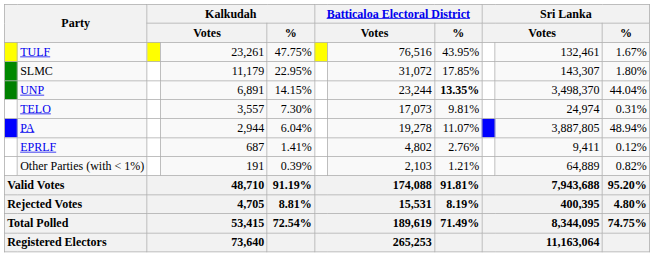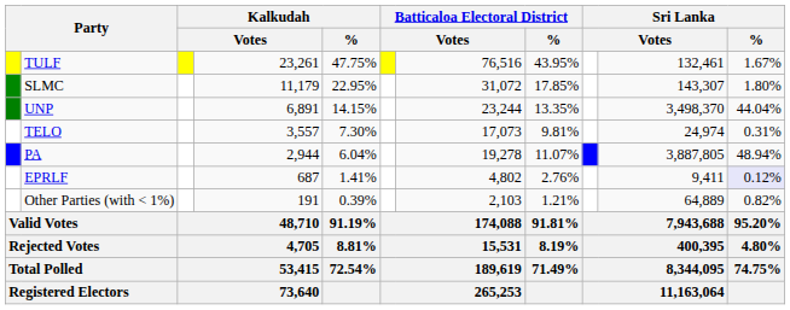 <table class="wikitable">
 <tr>
 <th colspan="2" width="144px"rowspan="2">Party</th>
 <th colspan="3" width="216px">Kalkudah</th>
 <th colspan="3" width="216px"><a href='#'>Batticaloa Electoral District</a></th>
 <th colspan="3" width="216px">Sri Lanka</th>
 </tr>
 <tr>
 <th colspan="2" width="144px">Votes</th>
 <th>%</th>
 <th colspan="2" width="144px">Votes</th>
 <th>%</th>
 <th colspan="2" width="144px">Votes</th>
 <th>%</th>
 </tr>
 <tr>
 <td style="background-color:yellow;" width="10px"></td>
 <td style="text-align:left;"><a href='#'>TULF</a></td>
 <td style="background-color:yellow;" width="10px"></td>
 <td style="text-align:right;">23,261</td>
 <td style="text-align:right;">47.75%</td>
 <td style="background-color:yellow;" width="10px"></td>
 <td style="text-align:right;">76,516</td>
 <td style="text-align:right;">43.95%</td>
 <td style="background-color:white;" width="10px"></td>
 <td style="text-align:right;">132,461</td>
 <td style="text-align:right;">1.67%</td>
 </tr>
 <tr>
 <td style="background-color:#008800;" width="10px"></td>
 <td style="text-align:left;">SLMC</td>
 <td style="background-color:white;" width="10px"></td>
 <td style="text-align:right;">11,179</td>
 <td style="text-align:right;">22.95%</td>
 <td style="background-color:white;" width="10px"></td>
 <td style="text-align:right;">31,072</td>
 <td style="text-align:right;">17.85%</td>
 <td style="background-color:white;" width="10px"></td>
 <td style="text-align:right;">143,307</td>
 <td style="text-align:right;">1.80%</td>
 </tr>
 <tr>
 <td style="background-color:green;" width="10px"></td>
 <td style="text-align:left;"><a href='#'>UNP</a></td>
 <td style="background-color:white;" width="10px"></td>
 <td style="text-align:right;">6,891</td>
 <td style="text-align:right;">14.15%</td>
 <td style="background-color:white;" width="10px"></td>
 <td style="text-align:right;">23,244</td>
-<td style="text-align:right;"><strong>13.35%</strong></td>
+<td style="text-align:right;">13.35%</td>
 <td style="background-color:white;" width="10px"></td>
 <td style="text-align:right;">3,498,370</td>
 <td style="text-align:right;">44.04%</td>
 </tr>
 <tr>
 <td style="background-color:white;" width="10px"></td>
 <td style="text-align:left;"><a href='#'>TELO</a></td>
 <td style="background-color:white;" width="10px"></td>
 <td style="text-align:right;">3,557</td>
 <td style="text-align:right;">7.30%</td>
 <td style="background-color:white;" width="10px"></td>
 <td style="text-align:right;">17,073</td>
 <td style="text-align:right;">9.81%</td>
 <td style="background-color:white;" width="10px"></td>
 <td style="text-align:right;">24,974</td>
 <td style="text-align:right;">0.31%</td>
 </tr>
 <tr>
 <td style="background-color:blue;" width="10px"></td>
 <td style="text-align:left;"><a href='#'>PA</a></td>
 <td style="background-color:white;" width="10px"></td>
 <td style="text-align:right;">2,944</td>
 <td style="text-align:right;">6.04%</td>
 <td style="background-color:white;" width="10px"></td>
 <td style="text-align:right;">19,278</td>
 <td style="text-align:right;">11.07%</td>
 <td style="background-color:blue;" width="10px"></td>
 <td style="text-align:right;">3,887,805</td>
 <td style="text-align:right;">48.94%</td>
 </tr>
 <tr>
 <td style="background-color:white;" width="10px"></td>
 <td style="text-align:left;"><a href='#'>EPRLF</a></td>
 <td style="background-color:white;" width="10px"></td>
 <td style="text-align:right;">687</td>
 <td style="text-align:right;">1.41%</td>
 <td style="background-color:white;" width="10px"></td>
 <td style="text-align:right;">4,802</td>
 <td style="text-align:right;">2.76%</td>
 <td style="background-color:white;" width="10px"></td>
 <td style="text-align:right;">9,411</td>
-<td style="text-align:right;">0.12%</td>
+<td style="background: lavender; text-align:right;">0.12%</td>
 </tr>
 <tr>
 <td style="background-color:white;" width="10px"></td>
 <td style="text-align:left;">Other Parties (with < 1%)</td>
 <td style="background-color:white;" width="10px"></td>
 <td style="text-align:right;">191</td>
 <td style="text-align:right;">0.39%</td>
 <td style="background-color:white;" width="10px"></td>
 <td style="text-align:right;">2,103</td>
 <td style="text-align:right;">1.21%</td>
 <td style="background-color:white;" width="10px"></td>
 <td style="text-align:right;">64,889</td>
 <td style="text-align:right;">0.82%</td>
 </tr>
 <tr>
 <th colspan="2" width="144px"style="text-align:left;">Valid Votes</th>
 <th style="text-align:right;"colspan="2" width="144px">48,710</th>
 <th style="text-align:right;">91.19%</th>
 <th style="text-align:right;"colspan="2" width="144px">174,088</th>
 <th style="text-align:right;">91.81%</th>
 <th style="text-align:right;"colspan="2" width="144px">7,943,688</th>
 <th style="text-align:right;">95.20%</th>
 </tr>
 <tr>
 <th colspan="2" width="144px"style="text-align:left;">Rejected Votes</th>
 <th style="text-align:right;"colspan="2" width="144px">4,705</th>
 <th style="text-align:right;">8.81%</th>
 <th style="text-align:right;"colspan="2" width="144px">15,531</th>
 <th style="text-align:right;">8.19%</th>
 <th style="text-align:right;"colspan="2" width="144px">400,395</th>
 <th style="text-align:right;">4.80%</th>
 </tr>
 <tr>
 <th colspan="2" width="144px"style="text-align:left;">Total Polled</th>
 <th style="text-align:right;"colspan="2" width="144px">53,415</th>
 <th style="text-align:right;">72.54%</th>
 <th style="text-align:right;"colspan="2" width="144px">189,619</th>
 <th style="text-align:right;">71.49%</th>
 <th style="text-align:right;"colspan="2" width="144px">8,344,095</th>
 <th style="text-align:right;">74.75%</th>
 </tr>
 <tr>
 <th colspan="2" width="144px"style="text-align:left;">Registered Electors</th>
 <th style="text-align:right;"colspan="2" width="144px">73,640</th>
 <th></th>
 <th style="text-align:right;"colspan="2" width="144px">265,253</th>
 <th></th>
 <th style="text-align:right;"colspan="2" width="144px">11,163,064</th>
 <th></th>
 </tr>
 </table>
